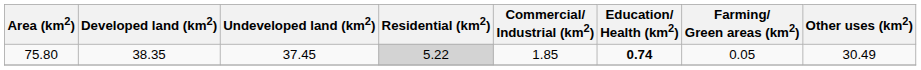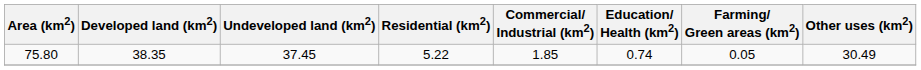 <table class="wikitable" style="text-align: center;">
 <tr>
 <th>Area (km<sup>2</sup>)</th>
 <th>Developed land (km<sup>2</sup>)</th>
 <th>Undeveloped land (km<sup>2</sup>)</th>
 <th>Residential (km<sup>2</sup>)</th>
 <th>Commercial/<br> Industrial (km<sup>2</sup>)</th>
 <th>Education/<br> Health (km<sup>2</sup>)</th>
 <th>Farming/<br> Green areas (km<sup>2</sup>)</th>
 <th>Other uses (km<sup>2</sup>)</th>
 </tr>
 <tr>
 <td>75.80</td>
 <td>38.35</td>
 <td>37.45</td>
-<td style="background: lightgrey;">5.22</td>
+<td>5.22</td>
 <td>1.85</td>
-<td><strong>0.74</strong></td>
+<td>0.74</td>
 <td>0.05</td>
 <td>30.49</td>
 </tr>
 <tr>
 </tr>
 </table>
